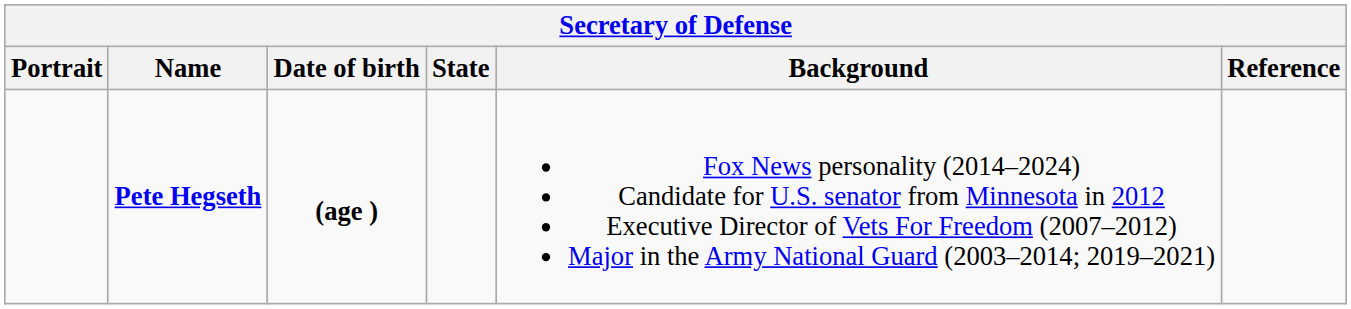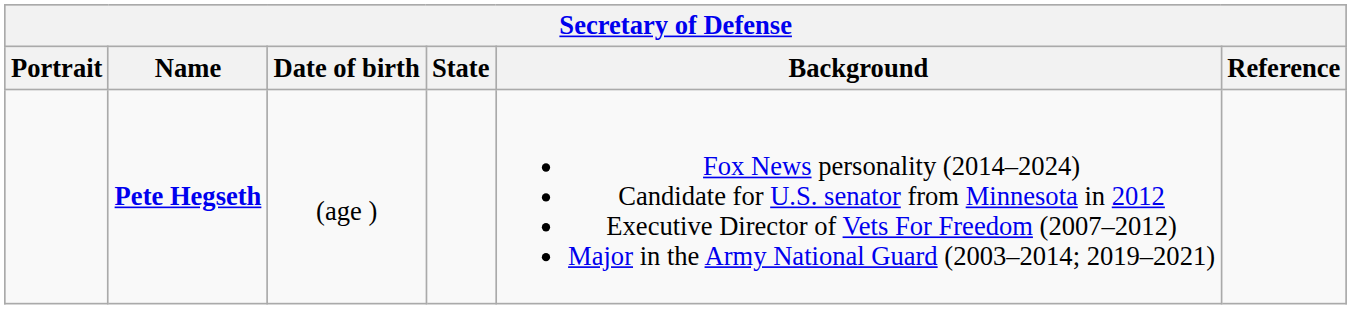 <table class="wikitable collapsible" style="text-align:center;">
 <tr>
 <th colspan="6"><a href='#'>Secretary of Defense</a></th>
 </tr>
 <tr>
 <th>Portrait</th>
 <th>Name</th>
 <th>Date of birth</th>
 <th>State</th>
 <th>Background</th>
 <th>Reference</th>
 </tr>
 <tr>
 <td></td>
 <td><strong><a href='#'>Pete Hegseth</a></strong></td>
-<td><strong><br>(age )</strong></td>
+<td><br>(age )</td>
 <td></td>
 <td><br><ul><li><a href='#'>Fox News</a> personality (2014–2024)</li><li>Candidate for <a href='#'>U.S. senator</a> from <a href='#'>Minnesota</a> in <a href='#'>2012</a></li><li>Executive Director of <a href='#'>Vets For Freedom</a> (2007–2012)</li><li><a href='#'>Major</a> in the <a href='#'>Army National Guard</a> (2003–2014; 2019–2021)</li></ul></td>
 <td></td>
 </tr>
 </table>
